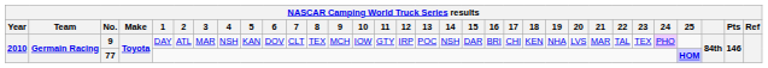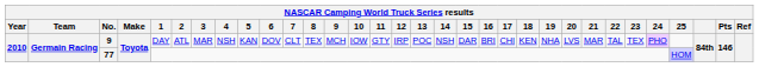 <table class="wikitable" style="text-align:center; font-size:75%">
 <tr>
 <th colspan=32><a href='#'>NASCAR Camping World Truck Series</a> results</th>
 </tr>
 <tr>
 <th>Year</th>
 <th>Team</th>
 <th>No.</th>
 <th>Make</th>
 <th>1</th>
 <th>2</th>
 <th>3</th>
 <th>4</th>
 <th>5</th>
 <th>6</th>
 <th>7</th>
 <th>8</th>
 <th>9</th>
 <th>10</th>
 <th>11</th>
 <th>12</th>
 <th>13</th>
 <th>14</th>
 <th>15</th>
 <th>16</th>
 <th>17</th>
 <th>18</th>
 <th>19</th>
 <th>20</th>
 <th>21</th>
 <th>22</th>
 <th>23</th>
 <th>24</th>
 <th>25</th>
 <th></th>
 <th>Pts</th>
 <th>Ref</th>
 </tr>
 <tr>
 <th rowspan=2><a href='#'>2010</a></th>
 <th rowspan=2><a href='#'>Germain Racing</a></th>
 <th>9</th>
 <th rowspan=2><a href='#'>Toyota</a></th>
 <td><a href='#'>DAY</a></td>
 <td><a href='#'>ATL</a></td>
 <td><a href='#'>MAR</a></td>
 <td><a href='#'>NSH</a></td>
 <td><a href='#'>KAN</a></td>
 <td><a href='#'>DOV</a></td>
 <td><a href='#'>CLT</a></td>
 <td><a href='#'>TEX</a></td>
 <td><a href='#'>MCH</a></td>
 <td><a href='#'>IOW</a></td>
 <td><a href='#'>GTY</a></td>
 <td><a href='#'>IRP</a></td>
 <td><a href='#'>POC</a></td>
 <td><a href='#'>NSH</a></td>
 <td><a href='#'>DAR</a></td>
 <td><a href='#'>BRI</a></td>
 <td><a href='#'>CHI</a></td>
 <td><a href='#'>KEN</a></td>
 <td><a href='#'>NHA</a></td>
 <td><a href='#'>LVS</a></td>
 <td><a href='#'>MAR</a></td>
 <td><a href='#'>TAL</a></td>
 <td><a href='#'>TEX</a></td>
 <td style="background:#EFCFFF;"><a href='#'>PHO</a><br></td>
 <td></td>
 <th rowspan=2>84th</th>
 <th rowspan=2>146</th>
 <th rowspan=2></th>
 </tr>
 <tr>
 <th>77</th>
 <td colspan=24></td>
-<td style="background:#CFCFFF;"><strong><a href='#'>HOM</a><br></strong></td>
+<td style="background:#CFCFFF;"><a href='#'>HOM</a><br></td>
 </tr>
 </table>
